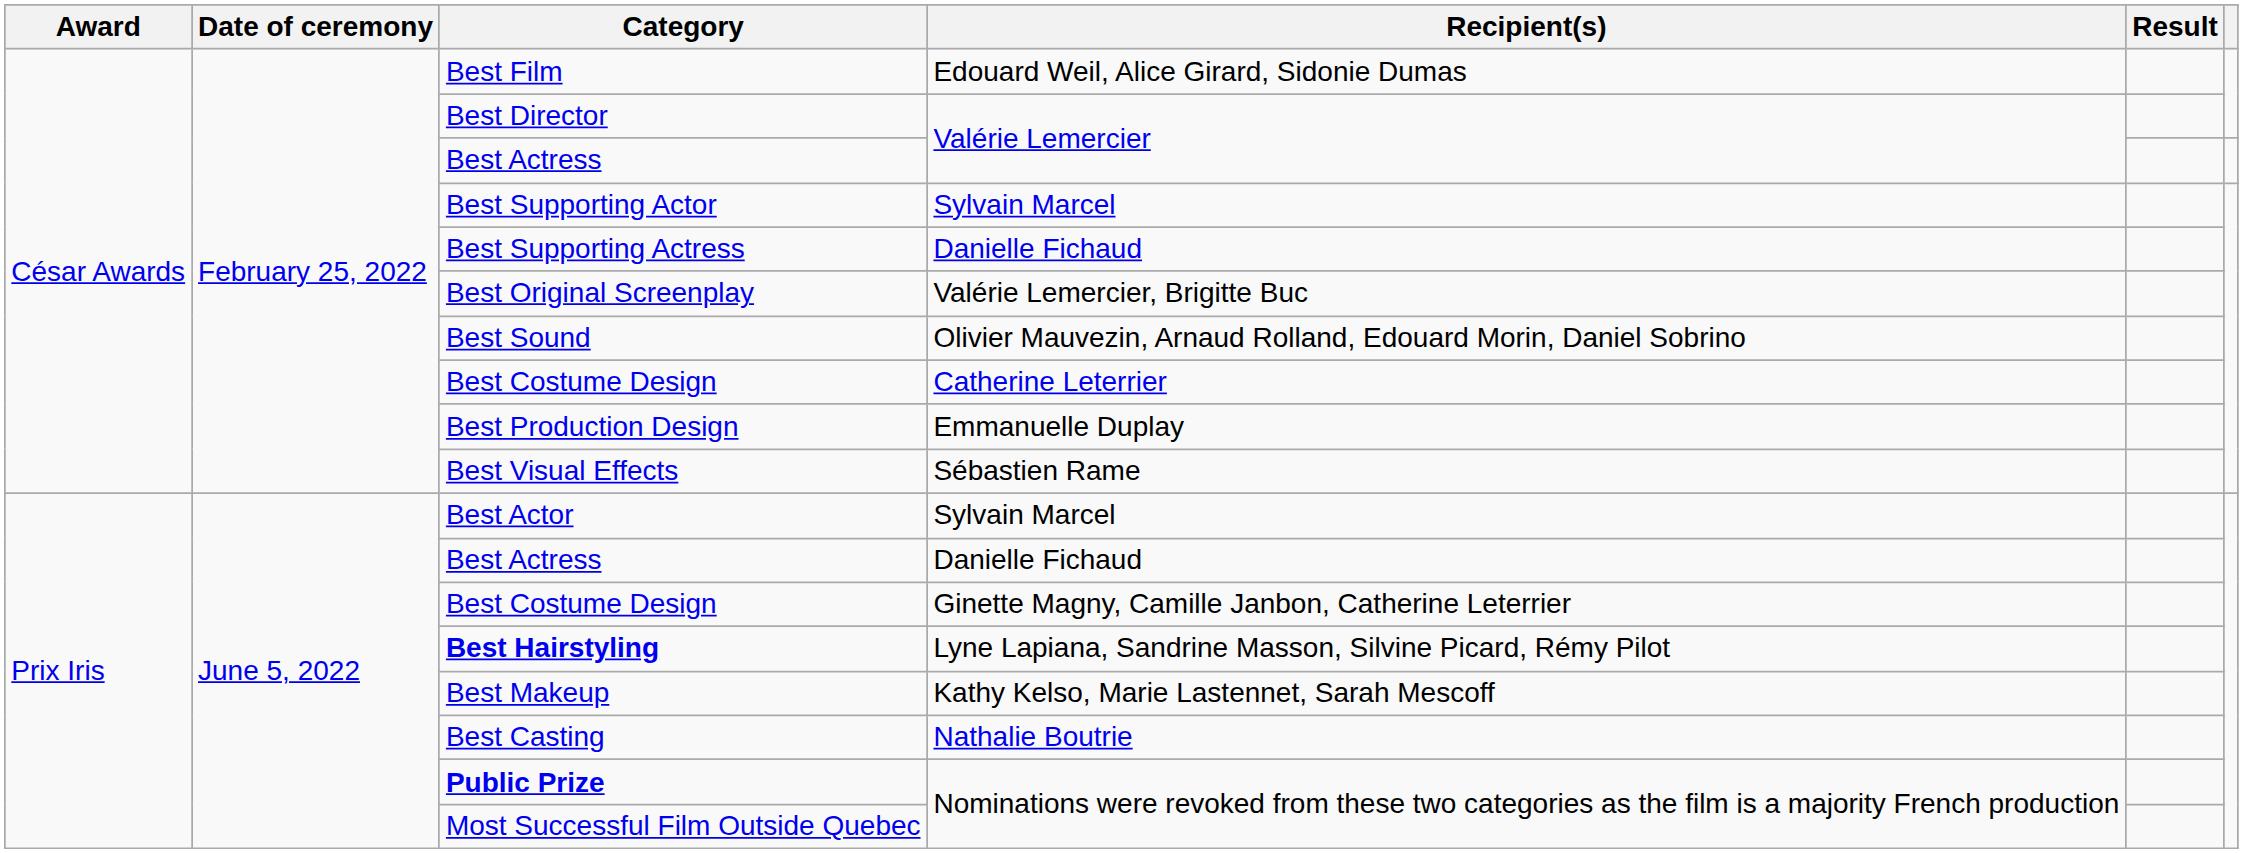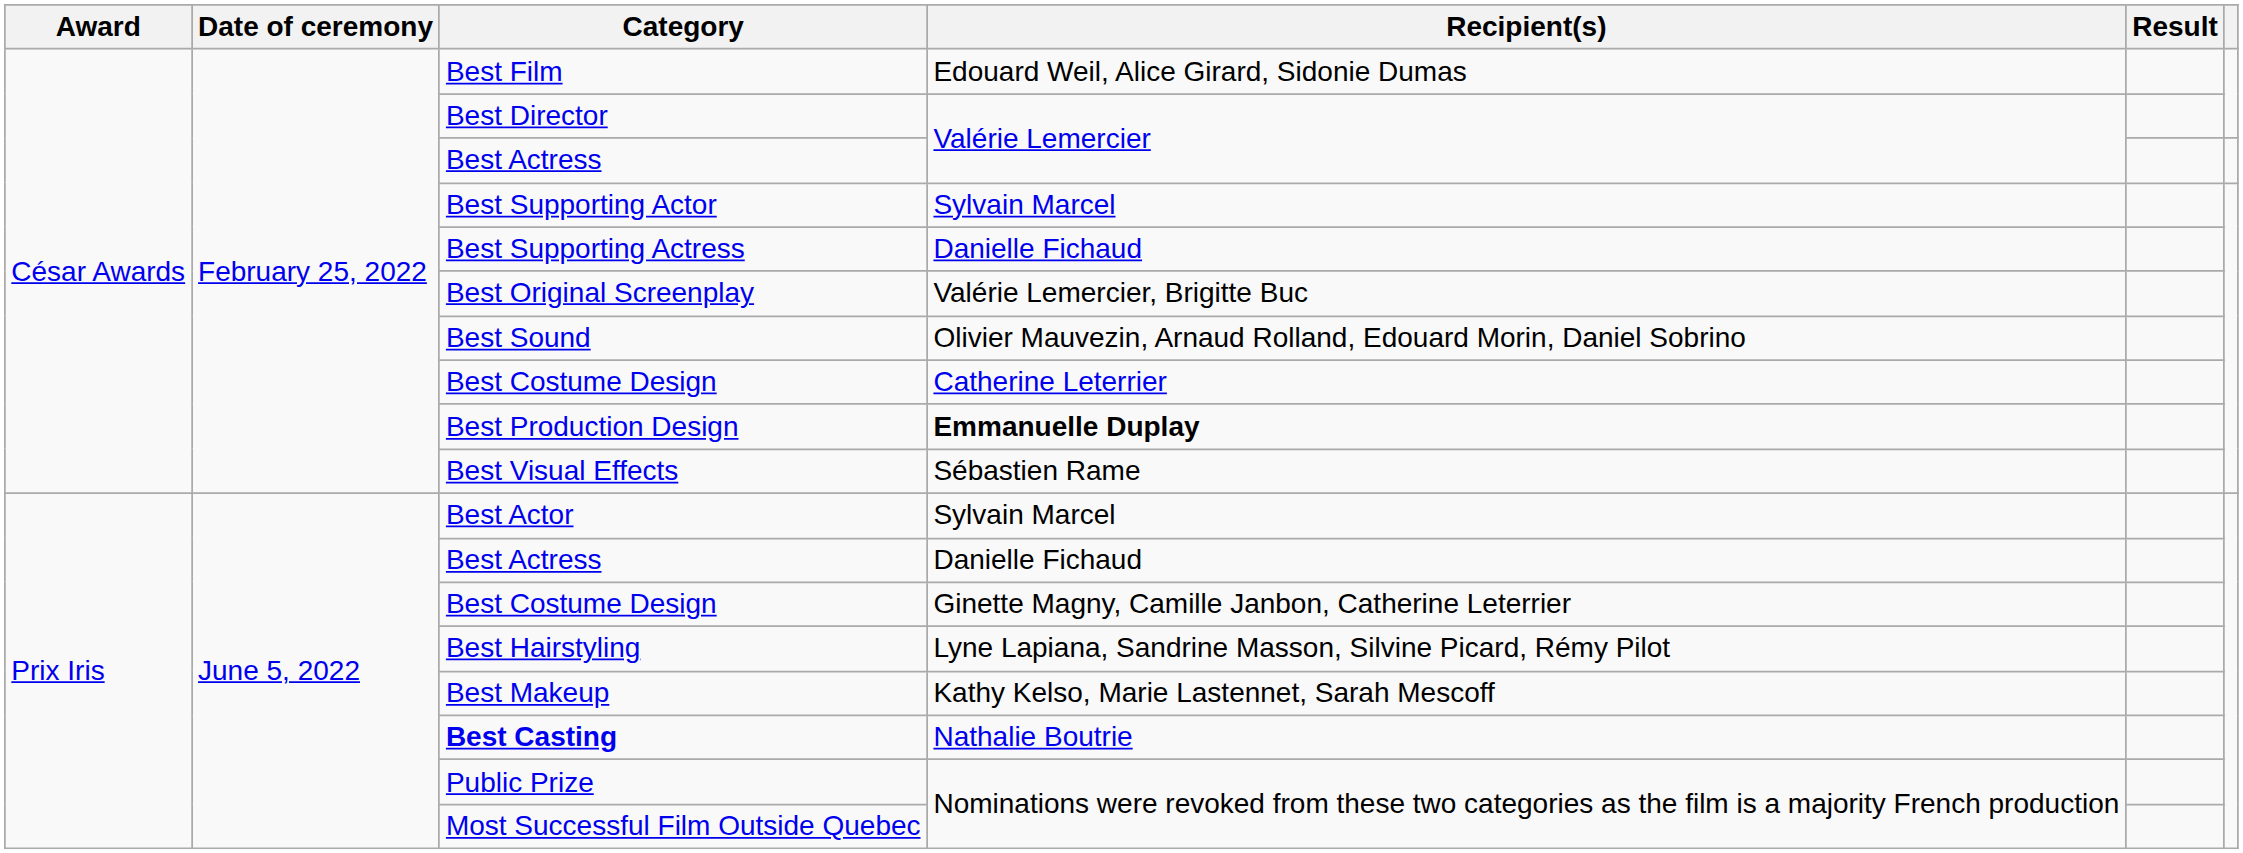 <table class="wikitable plainrowheaders sortable">
 <tr>
 <th scope="col">Award</th>
 <th scope="col">Date of ceremony</th>
 <th scope="col">Category</th>
 <th scope="col">Recipient(s)</th>
 <th scope="col">Result</th>
 <th scope="col" class="unsortable"></th>
 </tr>
 <tr>
 <td rowspan=10><a href='#'>César Awards</a></td>
 <td rowspan=10><a href='#'>February 25, 2022</a></td>
 <td><a href='#'>Best Film</a></td>
 <td>Edouard Weil, Alice Girard, Sidonie Dumas</td>
 <td></td>
 <td rowspan=2></td>
 </tr>
 <tr>
 <td><a href='#'>Best Director</a></td>
 <td rowspan=2><a href='#'>Valérie Lemercier</a></td>
 <td></td>
 </tr>
 <tr>
 <td><a href='#'>Best Actress</a></td>
 <td></td>
 <td></td>
 </tr>
 <tr>
 <td><a href='#'>Best Supporting Actor</a></td>
 <td><a href='#'>Sylvain Marcel</a></td>
 <td></td>
 <td rowspan=7></td>
 </tr>
 <tr>
 <td><a href='#'>Best Supporting Actress</a></td>
 <td><a href='#'>Danielle Fichaud</a></td>
 <td></td>
 </tr>
 <tr>
 <td><a href='#'>Best Original Screenplay</a></td>
 <td>Valérie Lemercier, Brigitte Buc</td>
 <td></td>
 </tr>
 <tr>
 <td><a href='#'>Best Sound</a></td>
 <td>Olivier Mauvezin, Arnaud Rolland, Edouard Morin, Daniel Sobrino</td>
 <td></td>
 </tr>
 <tr>
 <td><a href='#'>Best Costume Design</a></td>
 <td><a href='#'>Catherine Leterrier</a></td>
 <td></td>
 </tr>
 <tr>
 <td><a href='#'>Best Production Design</a></td>
-<td>Emmanuelle Duplay</td>
+<td><strong>Emmanuelle Duplay</strong></td>
 <td></td>
 </tr>
 <tr>
 <td><a href='#'>Best Visual Effects</a></td>
 <td>Sébastien Rame</td>
 <td></td>
 </tr>
 <tr>
 <td rowspan=8><a href='#'>Prix Iris</a></td>
 <td rowspan=8><a href='#'>June 5, 2022</a></td>
 <td><a href='#'>Best Actor</a></td>
 <td>Sylvain Marcel</td>
 <td></td>
 <td rowspan=8></td>
 </tr>
 <tr>
 <td><a href='#'>Best Actress</a></td>
 <td>Danielle Fichaud</td>
 <td></td>
 </tr>
 <tr>
 <td><a href='#'>Best Costume Design</a></td>
 <td>Ginette Magny, Camille Janbon, Catherine Leterrier</td>
 <td></td>
 </tr>
 <tr>
-<td><strong><a href='#'>Best Hairstyling</a></strong></td>
+<td><a href='#'>Best Hairstyling</a></td>
 <td>Lyne Lapiana, Sandrine Masson, Silvine Picard, Rémy Pilot</td>
 <td></td>
 </tr>
 <tr>
 <td><a href='#'>Best Makeup</a></td>
 <td>Kathy Kelso, Marie Lastennet, Sarah Mescoff</td>
 <td></td>
 </tr>
 <tr>
-<td><a href='#'>Best Casting</a></td>
+<td><strong><a href='#'>Best Casting</a></strong></td>
 <td><a href='#'>Nathalie Boutrie</a></td>
 <td></td>
 </tr>
 <tr>
-<td><strong><a href='#'>Public Prize</a></strong></td>
+<td><a href='#'>Public Prize</a></td>
 <td rowspan=2>Nominations were revoked from these two categories as the film is a majority French production</td>
 <td></td>
 </tr>
 <tr>
 <td><a href='#'>Most Successful Film Outside Quebec</a></td>
 <td></td>
 </tr>
 </table>
